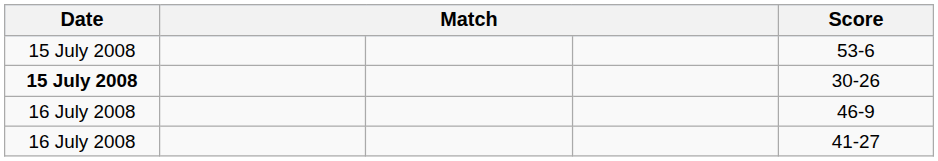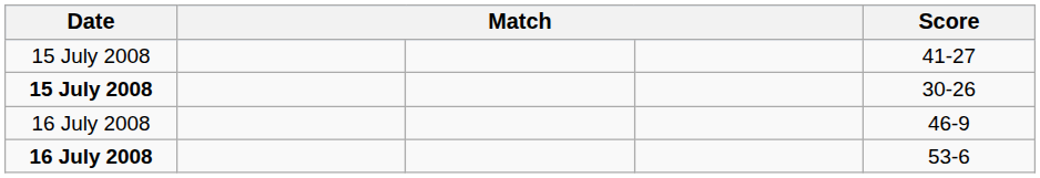 <table width=750 class="wikitable">
 <tr bgcolor="lightsteelblue">
 <th width=15%>Date</th>
 <th width=60% colspan=3>Match</th>
 <th width=15%>Score</th>
 </tr>
 <tr style=font-size:95%>
 <td align=center>15 July 2008</td>
 <td align=center></td>
 <td></td>
 <td></td>
-<td align=center>53-6</td>
+<td align=center>41-27</td>
 </tr>
 <tr style=font-size:95%>
 <td align=center><strong>15 July 2008</strong></td>
 <td align=center></td>
 <td></td>
 <td></td>
 <td align=center>30-26</td>
 </tr>
 <tr style=font-size:95%>
 <td align=center>16 July 2008</td>
 <td align=center></td>
 <td></td>
 <td></td>
 <td align=center>46-9</td>
 </tr>
 <tr style=font-size:95%>
-<td align=center>16 July 2008</td>
+<td align=center><strong>16 July 2008</strong></td>
 <td align=center></td>
 <td></td>
 <td></td>
-<td align=center>41-27</td>
+<td align=center>53-6</td>
 </tr>
 </table>
